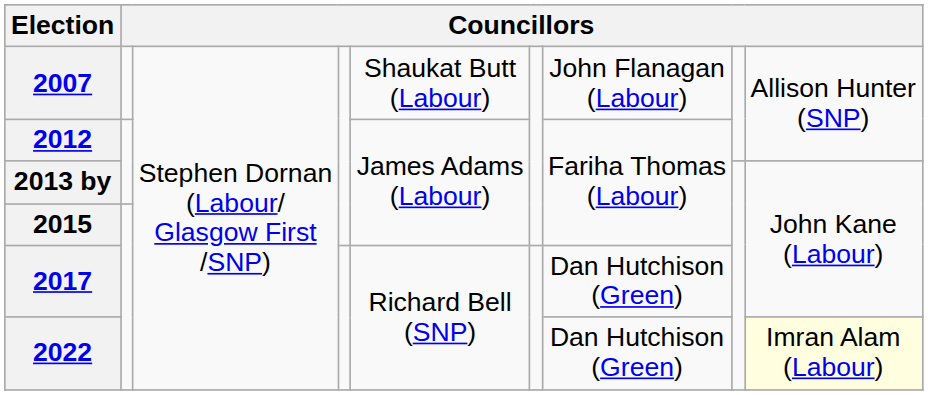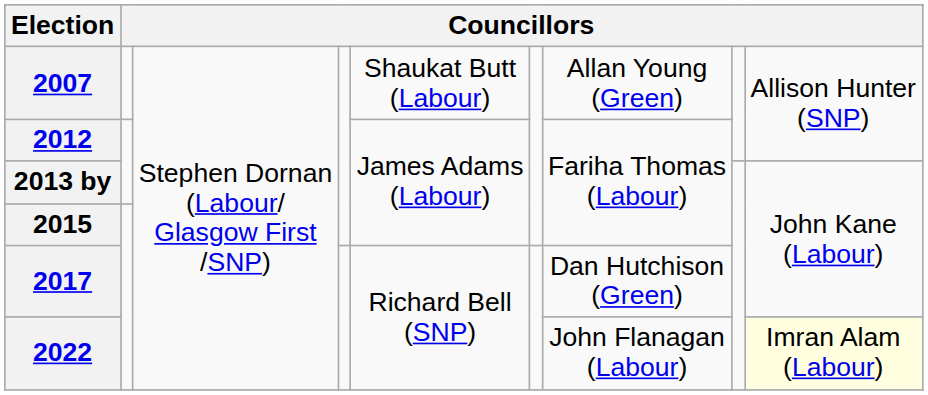 <table class="wikitable" style="text-align:center">
 <tr>
 <th>Election</th>
 <th colspan=8>Councillors</th>
 </tr>
 <tr>
 <th><a href='#'>2007</a></th>
 <td rowspan=1; style="background-color: "></td>
 <td rowspan=6>Stephen Dornan<br>(<a href='#'>Labour</a>/<br><a href='#'>Glasgow First</a><br>/<a href='#'>SNP</a>)</td>
 <td rowspan=4; style="background-color: "></td>
 <td rowspan=1>Shaukat Butt<br>(<a href='#'>Labour</a>)</td>
 <td rowspan=4; style="background-color: "></td>
-<td rowspan=1>John Flanagan<br>(<a href='#'>Labour</a>)</td>
+<td rowspan=1>Allan Young<br>(<a href='#'>Green</a>)</td>
 <td rowspan=2; style="background-color: "></td>
 <td rowspan=2>Allison Hunter<br>(<a href='#'>SNP</a>)</td>
 </tr>
 <tr>
 <th><a href='#'>2012</a></th>
 <td rowspan=2; style="background-color: "></td>
 <td rowspan=3>James Adams<br>(<a href='#'>Labour</a>)</td>
 <td rowspan=3>Fariha Thomas<br>(<a href='#'>Labour</a>)</td>
 </tr>
 <tr>
 <th>2013 by</th>
 <td rowspan=4; style="background-color: "></td>
 <td rowspan=3>John Kane<br>(<a href='#'>Labour</a>)</td>
 </tr>
 <tr>
 <th>2015</th>
 <td rowspan=3; style="background-color: "></td>
 </tr>
 <tr>
 <th><a href='#'>2017</a></th>
 <td rowspan=2; style="background-color: "></td>
 <td rowspan=2>Richard Bell<br>(<a href='#'>SNP</a>)</td>
 <td rowspan=2; style="background-color: "></td>
 <td rowspan=1>Dan Hutchison<br>(<a href='#'>Green</a>)</td>
 </tr>
 <tr>
 <th><a href='#'>2022</a></th>
-<td rowspan=1>Dan Hutchison<br>(<a href='#'>Green</a>)</td>
+<td rowspan=1>John Flanagan<br>(<a href='#'>Labour</a>)</td>
 <td rowspan=1 style="background: lightyellow;">Imran Alam<br>(<a href='#'>Labour</a>)</td>
 </tr>
 </table>
